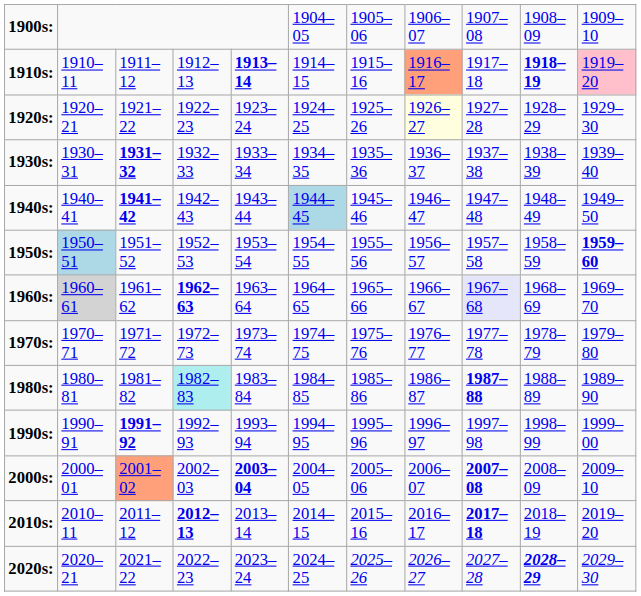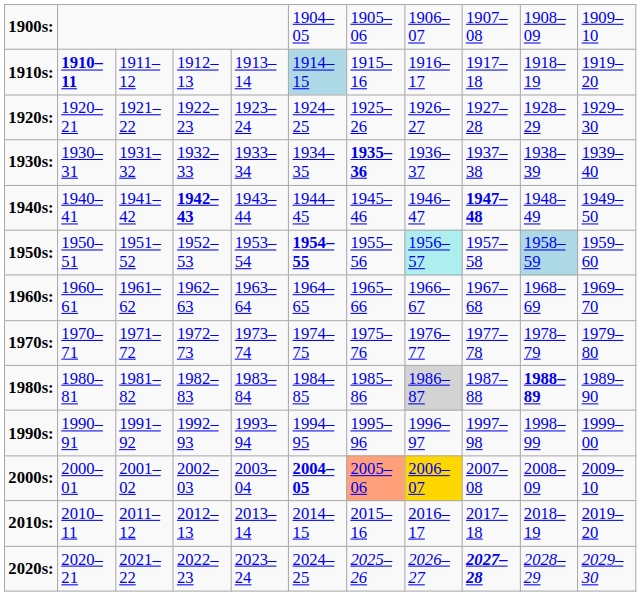 <table class="wikitable">
 <tr>
 <td><strong>1900s:</strong></td>
 <td colspan=4></td>
 <td><a href='#'>1904–05</a></td>
 <td><a href='#'>1905–06</a></td>
 <td><a href='#'>1906–07</a></td>
 <td><a href='#'>1907–08</a></td>
 <td><a href='#'>1908–09</a></td>
 <td><a href='#'>1909–10</a></td>
 </tr>
 <tr>
 <td><strong>1910s:</strong></td>
-<td><a href='#'>1910–11</a></td>
+<td><strong><a href='#'>1910–11</a></strong></td>
 <td><a href='#'>1911–12</a></td>
 <td><a href='#'>1912–13</a></td>
-<td><strong><a href='#'>1913–14</a></strong></td>
-<td><a href='#'>1914–15</a></td>
+<td><a href='#'>1913–14</a></td>
+<td style="background: lightblue;"><a href='#'>1914–15</a></td>
 <td><a href='#'>1915–16</a></td>
-<td style="background: lightsalmon;"><a href='#'>1916–17</a></td>
+<td><a href='#'>1916–17</a></td>
 <td><a href='#'>1917–18</a></td>
-<td><strong><a href='#'>1918–19</a></strong></td>
-<td style="background: pink;"><a href='#'>1919–20</a></td>
+<td><a href='#'>1918–19</a></td>
+<td><a href='#'>1919–20</a></td>
 </tr>
 <tr>
 <td><strong>1920s:</strong></td>
 <td><a href='#'>1920–21</a></td>
 <td><a href='#'>1921–22</a></td>
 <td><a href='#'>1922–23</a></td>
 <td><a href='#'>1923–24</a></td>
 <td><a href='#'>1924–25</a></td>
 <td><a href='#'>1925–26</a></td>
-<td style="background: lightyellow;"><a href='#'>1926–27</a></td>
+<td><a href='#'>1926–27</a></td>
 <td><a href='#'>1927–28</a></td>
 <td><a href='#'>1928–29</a></td>
 <td><a href='#'>1929–30</a></td>
 </tr>
 <tr>
 <td><strong>1930s:</strong></td>
 <td><a href='#'>1930–31</a></td>
-<td><strong><a href='#'>1931–32</a></strong></td>
+<td><a href='#'>1931–32</a></td>
 <td><a href='#'>1932–33</a></td>
 <td><a href='#'>1933–34</a></td>
 <td><a href='#'>1934–35</a></td>
-<td><a href='#'>1935–36</a></td>
+<td><strong><a href='#'>1935–36</a></strong></td>
 <td><a href='#'>1936–37</a></td>
 <td><a href='#'>1937–38</a></td>
 <td><a href='#'>1938–39</a></td>
 <td><a href='#'>1939–40</a></td>
 </tr>
 <tr>
 <td><strong>1940s:</strong></td>
 <td><a href='#'>1940–41</a></td>
-<td><strong><a href='#'>1941–42</a></strong></td>
-<td><a href='#'>1942–43</a></td>
+<td><a href='#'>1941–42</a></td>
+<td><strong><a href='#'>1942–43</a></strong></td>
 <td><a href='#'>1943–44</a></td>
-<td style="background: lightblue;"><a href='#'>1944–45</a></td>
+<td><a href='#'>1944–45</a></td>
 <td><a href='#'>1945–46</a></td>
 <td><a href='#'>1946–47</a></td>
-<td><a href='#'>1947–48</a></td>
+<td><strong><a href='#'>1947–48</a></strong></td>
 <td><a href='#'>1948–49</a></td>
 <td><a href='#'>1949–50</a></td>
 </tr>
 <tr>
 <td><strong>1950s:</strong></td>
-<td style="background: lightblue;"><a href='#'>1950–51</a></td>
+<td><a href='#'>1950–51</a></td>
 <td><a href='#'>1951–52</a></td>
 <td><a href='#'>1952–53</a></td>
 <td><a href='#'>1953–54</a></td>
-<td><a href='#'>1954–55</a></td>
+<td><strong><a href='#'>1954–55</a></strong></td>
 <td><a href='#'>1955–56</a></td>
-<td><a href='#'>1956–57</a></td>
+<td style="background: paleturquoise;"><a href='#'>1956–57</a></td>
 <td><a href='#'>1957–58</a></td>
-<td><a href='#'>1958–59</a></td>
-<td><strong><a href='#'>1959–60</a></strong></td>
+<td style="background: lightblue;"><a href='#'>1958–59</a></td>
+<td><a href='#'>1959–60</a></td>
 </tr>
 <tr>
 <td><strong>1960s:</strong></td>
-<td style="background: lightgrey;"><a href='#'>1960–61</a></td>
+<td><a href='#'>1960–61</a></td>
 <td><a href='#'>1961–62</a></td>
-<td><strong><a href='#'>1962–63</a></strong></td>
+<td><a href='#'>1962–63</a></td>
 <td><a href='#'>1963–64</a></td>
 <td><a href='#'>1964–65</a></td>
 <td><a href='#'>1965–66</a></td>
 <td><a href='#'>1966–67</a></td>
-<td style="background: lavender;"><a href='#'>1967–68</a></td>
+<td><a href='#'>1967–68</a></td>
 <td><a href='#'>1968–69</a></td>
 <td><a href='#'>1969–70</a></td>
 </tr>
 <tr>
 <td><strong>1970s:</strong></td>
 <td><a href='#'>1970–71</a></td>
 <td><a href='#'>1971–72</a></td>
 <td><a href='#'>1972–73</a></td>
 <td><a href='#'>1973–74</a></td>
 <td><a href='#'>1974–75</a></td>
 <td><a href='#'>1975–76</a></td>
 <td><a href='#'>1976–77</a></td>
 <td><a href='#'>1977–78</a></td>
 <td><a href='#'>1978–79</a></td>
 <td><a href='#'>1979–80</a></td>
 </tr>
 <tr>
 <td><strong>1980s:</strong></td>
 <td><a href='#'>1980–81</a></td>
 <td><a href='#'>1981–82</a></td>
-<td style="background: paleturquoise;"><a href='#'>1982–83</a></td>
+<td><a href='#'>1982–83</a></td>
 <td><a href='#'>1983–84</a></td>
 <td><a href='#'>1984–85</a></td>
 <td><a href='#'>1985–86</a></td>
-<td><a href='#'>1986–87</a></td>
-<td><strong><a href='#'>1987–88</a></strong></td>
-<td><a href='#'>1988–89</a></td>
+<td style="background: lightgrey;"><a href='#'>1986–87</a></td>
+<td><a href='#'>1987–88</a></td>
+<td><strong><a href='#'>1988–89</a></strong></td>
 <td><a href='#'>1989–90</a></td>
 </tr>
 <tr>
 <td><strong>1990s:</strong></td>
 <td><a href='#'>1990–91</a></td>
-<td><strong><a href='#'>1991–92</a></strong></td>
+<td><a href='#'>1991–92</a></td>
 <td><a href='#'>1992–93</a></td>
 <td><a href='#'>1993–94</a></td>
 <td><a href='#'>1994–95</a></td>
 <td><a href='#'>1995–96</a></td>
 <td><a href='#'>1996–97</a></td>
 <td><a href='#'>1997–98</a></td>
 <td><a href='#'>1998–99</a></td>
 <td><a href='#'>1999–00</a></td>
 </tr>
 <tr>
 <td><strong>2000s:</strong></td>
 <td><a href='#'>2000–01</a></td>
-<td style="background: lightsalmon;"><a href='#'>2001–02</a></td>
+<td><a href='#'>2001–02</a></td>
 <td><a href='#'>2002–03</a></td>
-<td><strong><a href='#'>2003–04</a></strong></td>
-<td><a href='#'>2004–05</a></td>
-<td><a href='#'>2005–06</a></td>
-<td><a href='#'>2006–07</a></td>
-<td><strong><a href='#'>2007–08</a></strong></td>
+<td><a href='#'>2003–04</a></td>
+<td><strong><a href='#'>2004–05</a></strong></td>
+<td style="background: lightsalmon;"><a href='#'>2005–06</a></td>
+<td style="background: gold;"><a href='#'>2006–07</a></td>
+<td><a href='#'>2007–08</a></td>
 <td><a href='#'>2008–09</a></td>
 <td><a href='#'>2009–10</a></td>
 </tr>
 <tr>
 <td><strong>2010s:</strong></td>
 <td><a href='#'>2010–11</a></td>
 <td><a href='#'>2011–12</a></td>
-<td><strong><a href='#'>2012–13</a></strong></td>
+<td><a href='#'>2012–13</a></td>
 <td><a href='#'>2013–14</a></td>
 <td><a href='#'>2014–15</a></td>
 <td><a href='#'>2015–16</a></td>
 <td><a href='#'>2016–17</a></td>
-<td><strong><a href='#'>2017–18</a></strong></td>
+<td><a href='#'>2017–18</a></td>
 <td><a href='#'>2018–19</a></td>
 <td><a href='#'>2019–20</a></td>
 </tr>
 <tr>
 <td><strong>2020s:</strong></td>
 <td><a href='#'>2020–21</a></td>
 <td><a href='#'>2021–22</a></td>
 <td><a href='#'>2022–23</a></td>
 <td><a href='#'>2023–24</a></td>
 <td><a href='#'>2024–25</a></td>
 <td><a href='#'><em>2025–26</em></a></td>
 <td><a href='#'><em>2026–27</em></a></td>
-<td><a href='#'><em>2027–28</em></a></td>
-<td><strong><a href='#'><em>2028–29</em></a></strong></td>
+<td><strong><a href='#'><em>2027–28</em></a></strong></td>
+<td><a href='#'><em>2028–29</em></a></td>
 <td><a href='#'><em>2029–30</em></a></td>
 </tr>
 </table>
